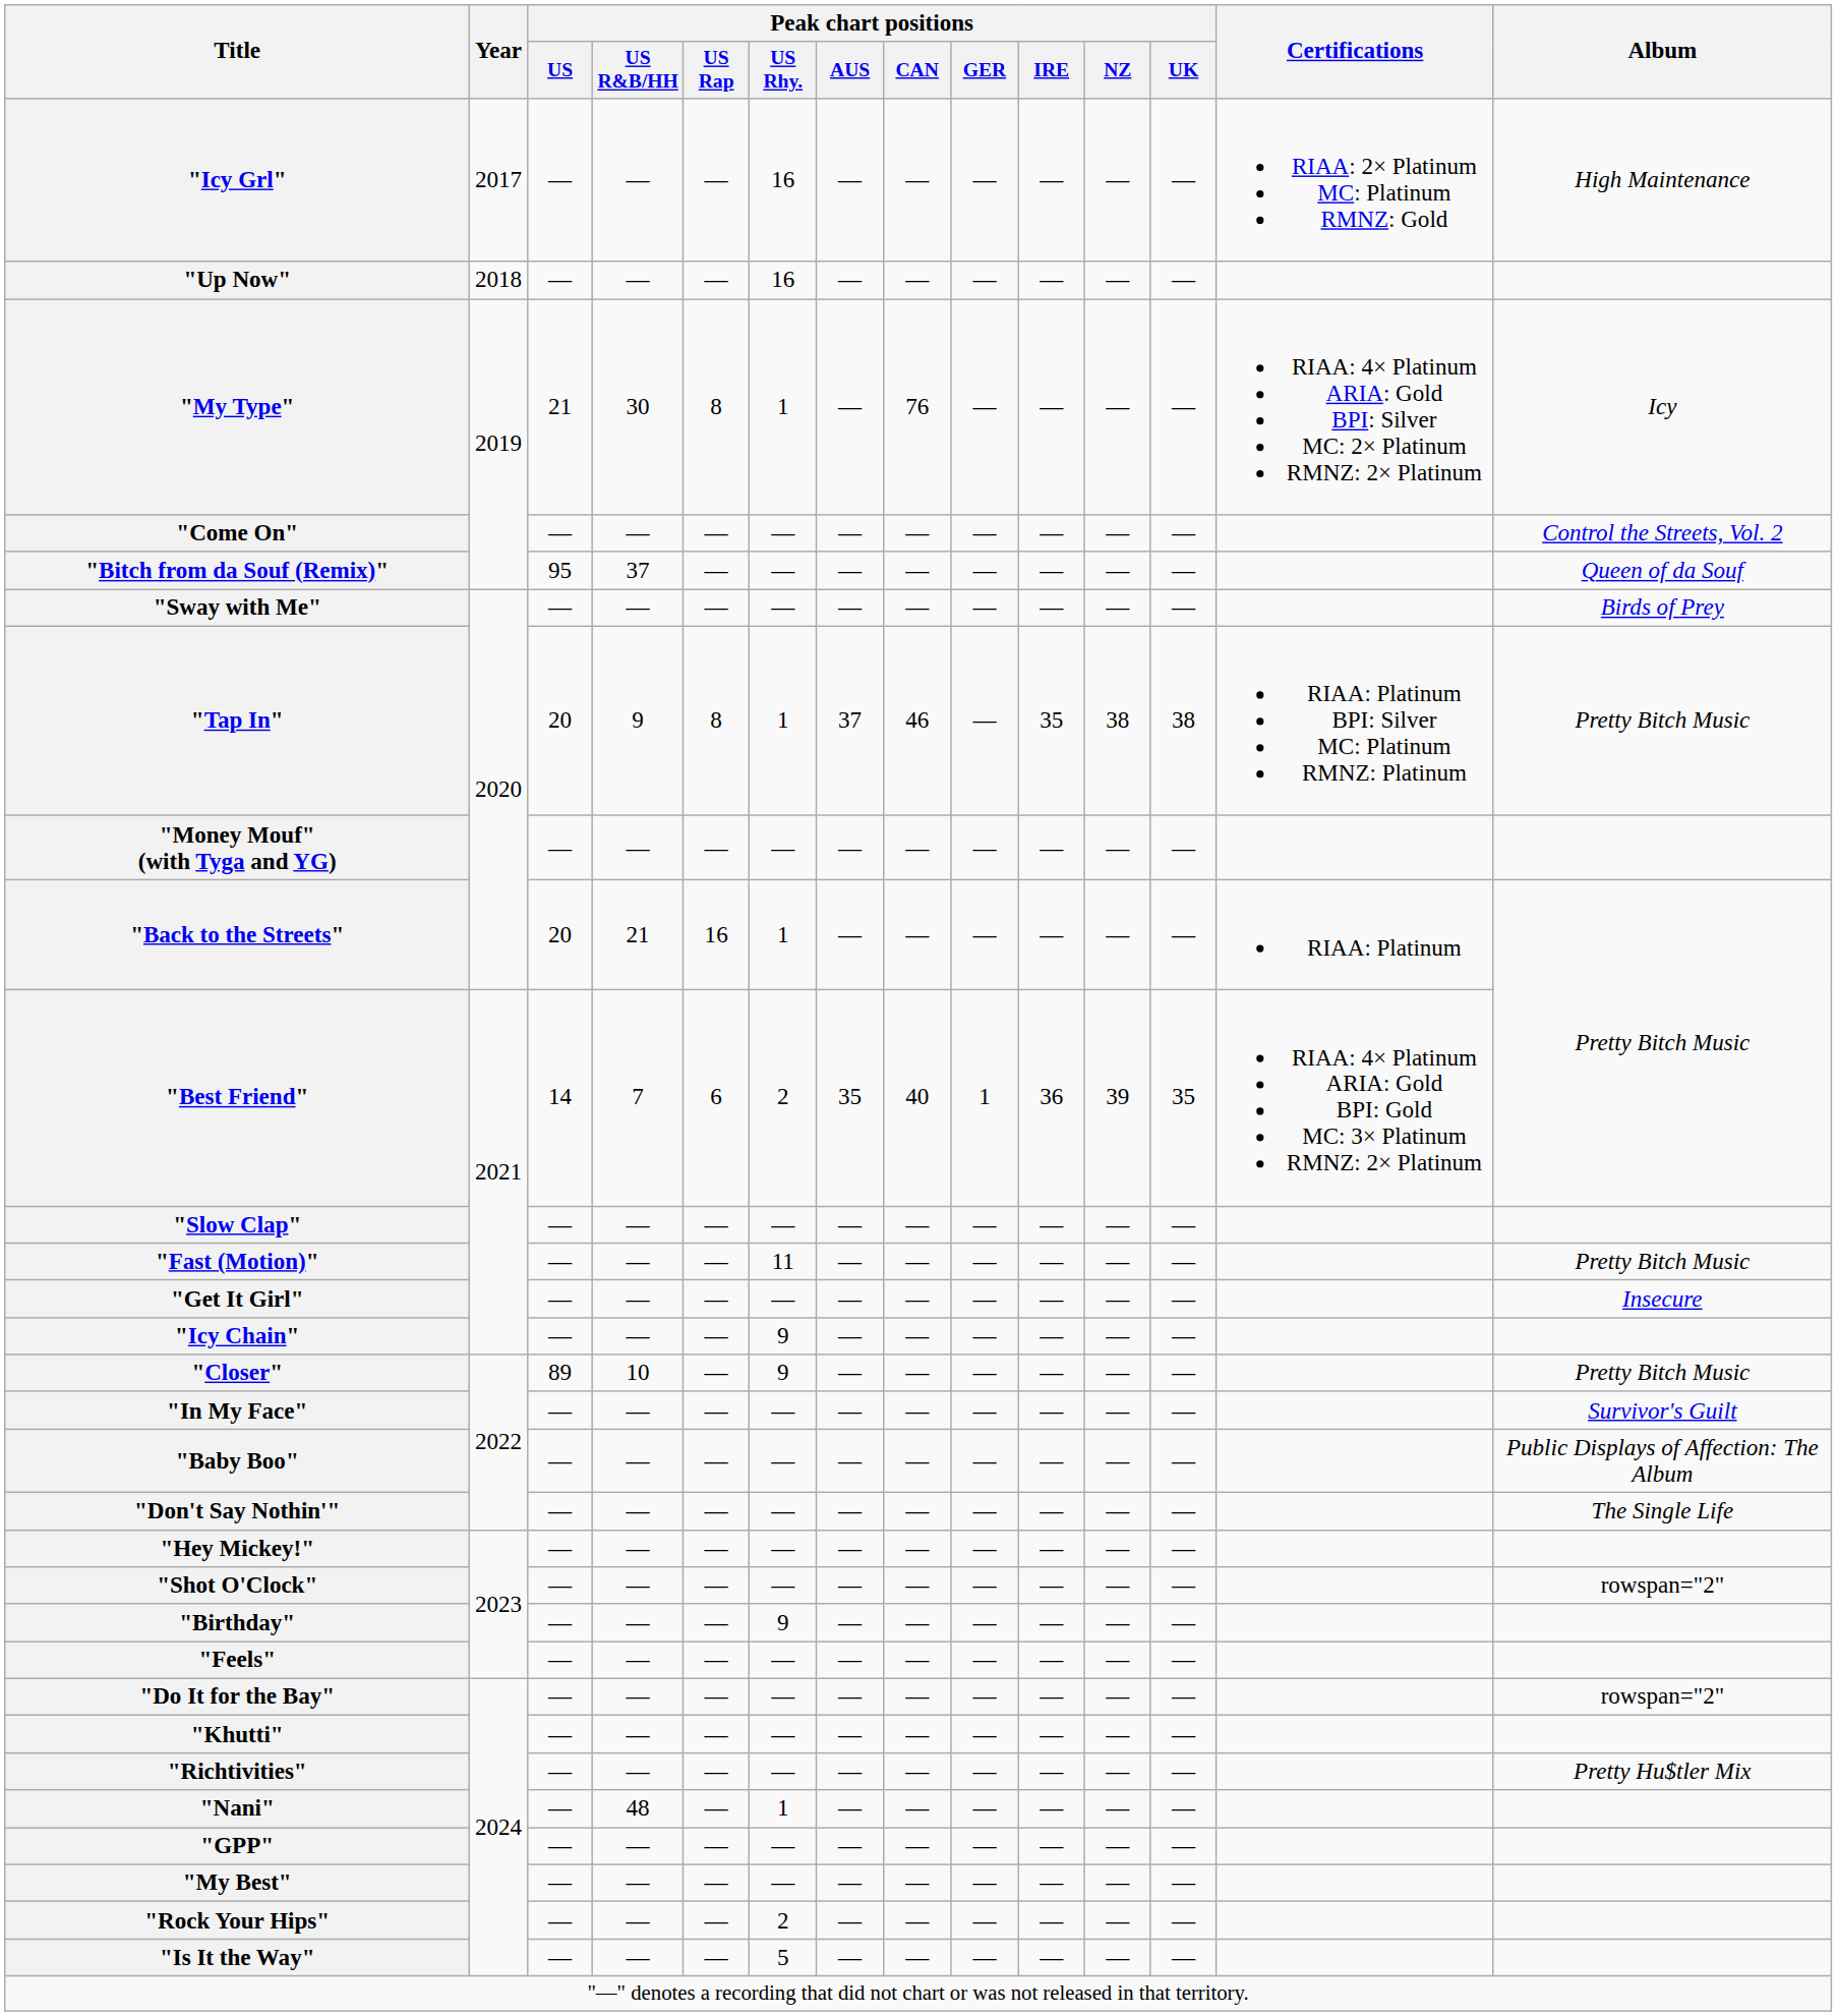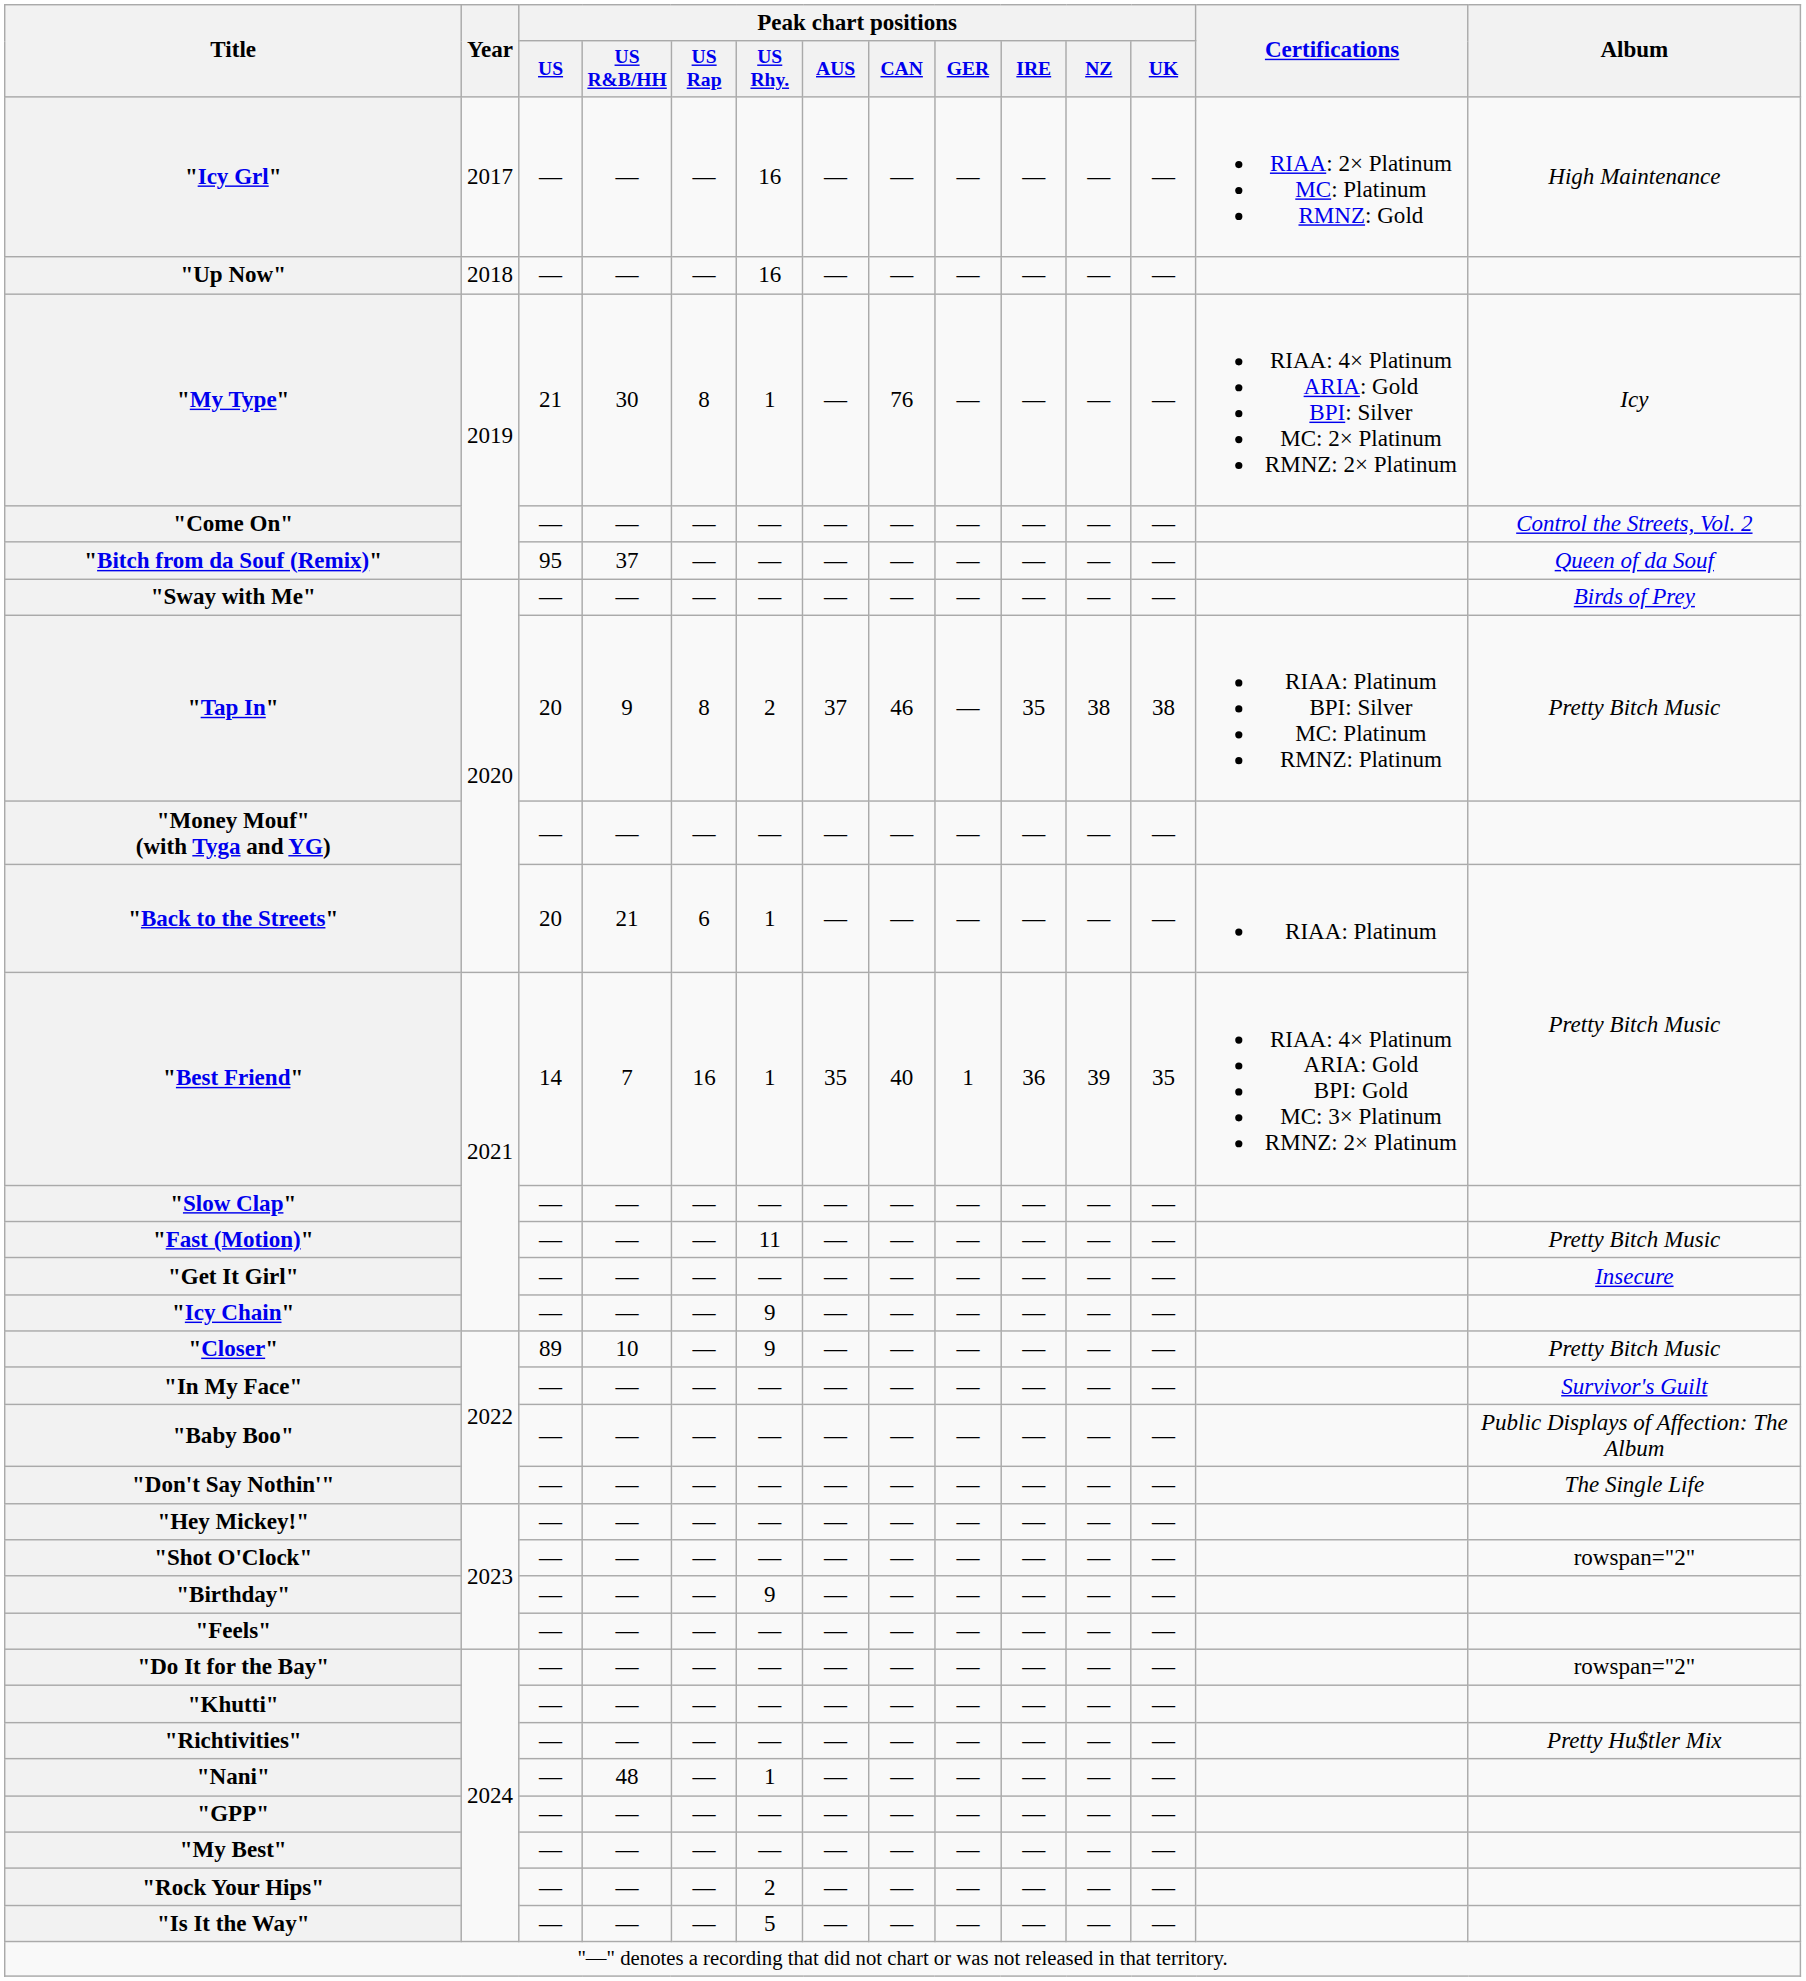 <table class="wikitable plainrowheaders" style="text-align:center">
 <tr>
 <th scope="col" rowspan="2" style="width:21em;">Title</th>
 <th scope="col" rowspan="2" style="width:1em;">Year</th>
 <th scope="col" colspan="10">Peak chart positions</th>
 <th scope="col" rowspan="2" style="width:12em;"><a href='#'>Certifications</a></th>
 <th scope="col" rowspan="2" style="width:15em;">Album</th>
 </tr>
 <tr>
 <th style="width:3em;font-size:85%;"><a href='#'>US</a><br></th>
 <th style="width:3em;font-size:85%;"><a href='#'>US<br>R&B/HH</a><br></th>
 <th style="width:3em;font-size:85%;"><a href='#'>US<br>Rap</a><br></th>
 <th style="width:3em;font-size:85%;"><a href='#'>US<br>Rhy.</a><br></th>
 <th style="width:3em;font-size:85%;"><a href='#'>AUS</a><br></th>
 <th style="width:3em;font-size:85%;"><a href='#'>CAN</a><br></th>
 <th style="width:3em;font-size:85%;"><a href='#'>GER</a><br></th>
 <th style="width:3em;font-size:85%;"><a href='#'>IRE</a><br></th>
 <th style="width:3em;font-size:85%;"><a href='#'>NZ</a><br></th>
 <th style="width:3em;font-size:85%;"><a href='#'>UK</a><br></th>
 </tr>
 <tr>
 <th scope="row">"<a href='#'>Icy Grl</a>"</th>
 <td>2017</td>
 <td>—</td>
 <td>—</td>
 <td>—</td>
 <td>16</td>
 <td>—</td>
 <td>—</td>
 <td>—</td>
 <td>—</td>
 <td>—</td>
 <td>—</td>
 <td><br><ul><li><a href='#'>RIAA</a>: 2× Platinum</li><li><a href='#'>MC</a>: Platinum</li><li><a href='#'>RMNZ</a>: Gold</li></ul></td>
 <td><em>High Maintenance</em></td>
 </tr>
 <tr>
 <th scope="row">"Up Now"<br></th>
 <td>2018</td>
 <td>—</td>
 <td>—</td>
 <td>—</td>
 <td>16</td>
 <td>—</td>
 <td>—</td>
 <td>—</td>
 <td>—</td>
 <td>—</td>
 <td>—</td>
 <td></td>
 <td></td>
 </tr>
 <tr>
 <th scope="row">"<a href='#'>My Type</a>"</th>
 <td rowspan="3">2019</td>
 <td>21</td>
 <td>30</td>
 <td>8</td>
 <td>1</td>
 <td>—</td>
 <td>76</td>
 <td>—</td>
 <td>—</td>
 <td>—</td>
 <td>—</td>
 <td><br><ul><li>RIAA: 4× Platinum</li><li><a href='#'>ARIA</a>: Gold</li><li><a href='#'>BPI</a>: Silver</li><li>MC: 2× Platinum</li><li>RMNZ: 2× Platinum</li></ul></td>
 <td><em>Icy</em></td>
 </tr>
 <tr>
 <th scope="row">"Come On"<br></th>
 <td>—</td>
 <td>—</td>
 <td>—</td>
 <td>—</td>
 <td>—</td>
 <td>—</td>
 <td>—</td>
 <td>—</td>
 <td>—</td>
 <td>—</td>
 <td></td>
 <td><em><a href='#'>Control the Streets, Vol. 2</a></em></td>
 </tr>
 <tr>
 <th scope="row">"<a href='#'>Bitch from da Souf (Remix)</a>"<br></th>
 <td>95</td>
 <td>37</td>
 <td>—</td>
 <td>—</td>
 <td>—</td>
 <td>—</td>
 <td>—</td>
 <td>—</td>
 <td>—</td>
 <td>—</td>
 <td></td>
 <td><em><a href='#'>Queen of da Souf</a></em></td>
 </tr>
 <tr>
 <th scope="row">"Sway with Me"<br></th>
 <td rowspan="4">2020</td>
 <td>—</td>
 <td>—</td>
 <td>—</td>
 <td>—</td>
 <td>—</td>
 <td>—</td>
 <td>—</td>
 <td>—</td>
 <td>—</td>
 <td>—</td>
 <td></td>
 <td><em><a href='#'>Birds of Prey</a></em></td>
 </tr>
 <tr>
 <th scope="row">"<a href='#'>Tap In</a>"</th>
 <td>20</td>
 <td>9</td>
 <td>8</td>
-<td>1</td>
+<td>2</td>
 <td>37</td>
 <td>46</td>
 <td>—</td>
 <td>35</td>
 <td>38</td>
 <td>38</td>
 <td><br><ul><li>RIAA: Platinum</li><li>BPI: Silver</li><li>MC: Platinum</li><li>RMNZ: Platinum</li></ul></td>
 <td><em>Pretty Bitch Music</em></td>
 </tr>
 <tr>
 <th scope="row">"Money Mouf"<br><span>(with <a href='#'>Tyga</a> and <a href='#'>YG</a>)</span></th>
 <td>—</td>
 <td>—</td>
 <td>—</td>
 <td>—</td>
 <td>—</td>
 <td>—</td>
 <td>—</td>
 <td>—</td>
 <td>—</td>
 <td>—</td>
 <td></td>
 <td></td>
 </tr>
 <tr>
 <th scope="row">"<a href='#'>Back to the Streets</a>"<br></th>
 <td>20</td>
 <td>21</td>
-<td>16</td>
+<td>6</td>
 <td>1</td>
 <td>—</td>
 <td>—</td>
 <td>—</td>
 <td>—</td>
 <td>—</td>
 <td>—</td>
 <td><br><ul><li>RIAA: Platinum</li></ul></td>
 <td rowspan="2"><em>Pretty Bitch Music</em></td>
 </tr>
 <tr>
 <th scope="row">"<a href='#'>Best Friend</a>"<br></th>
 <td rowspan="5">2021</td>
 <td>14</td>
 <td>7</td>
-<td>6</td>
-<td>2</td>
+<td>16</td>
+<td>1</td>
 <td>35</td>
 <td>40</td>
 <td>1</td>
 <td>36</td>
 <td>39</td>
 <td>35</td>
 <td><br><ul><li>RIAA: 4× Platinum</li><li>ARIA: Gold</li><li>BPI: Gold</li><li>MC: 3× Platinum</li><li>RMNZ: 2× Platinum</li></ul></td>
 </tr>
 <tr>
 <th scope="row">"<a href='#'>Slow Clap</a>"<br></th>
 <td>—</td>
 <td>—</td>
 <td>—</td>
 <td>—</td>
 <td>—</td>
 <td>—</td>
 <td>—</td>
 <td>—</td>
 <td>—</td>
 <td>—</td>
 <td></td>
 <td></td>
 </tr>
 <tr>
 <th scope="row">"<a href='#'>Fast (Motion)</a>"</th>
 <td>—</td>
 <td>—</td>
 <td>—</td>
 <td>11</td>
 <td>—</td>
 <td>—</td>
 <td>—</td>
 <td>—</td>
 <td>—</td>
 <td>—</td>
 <td></td>
 <td><em>Pretty Bitch Music</em></td>
 </tr>
 <tr>
 <th scope="row">"Get It Girl"</th>
 <td>—</td>
 <td>—</td>
 <td>—</td>
 <td>—</td>
 <td>—</td>
 <td>—</td>
 <td>—</td>
 <td>—</td>
 <td>—</td>
 <td>—</td>
 <td></td>
 <td><em><a href='#'>Insecure</a></em></td>
 </tr>
 <tr>
 <th scope="row">"<a href='#'>Icy Chain</a>"</th>
 <td>—</td>
 <td>—</td>
 <td>—</td>
 <td>9</td>
 <td>—</td>
 <td>—</td>
 <td>—</td>
 <td>—</td>
 <td>—</td>
 <td>—</td>
 <td></td>
 <td></td>
 </tr>
 <tr>
 <th scope="row">"<a href='#'>Closer</a>"<br></th>
 <td rowspan="4">2022</td>
 <td>89<br></td>
 <td>10</td>
 <td>—</td>
 <td>9</td>
 <td>—</td>
 <td>—</td>
 <td>—</td>
 <td>—</td>
 <td>—</td>
 <td>—</td>
 <td></td>
 <td><em>Pretty Bitch Music</em></td>
 </tr>
 <tr>
 <th scope="row">"In My Face"<br></th>
 <td>—</td>
 <td>—</td>
 <td>—</td>
 <td>—</td>
 <td>—</td>
 <td>—</td>
 <td>—</td>
 <td>—</td>
 <td>—</td>
 <td>—</td>
 <td></td>
 <td><em><a href='#'>Survivor's Guilt</a></em></td>
 </tr>
 <tr>
 <th scope="row">"Baby Boo"<br></th>
 <td>—</td>
 <td>—</td>
 <td>—</td>
 <td>—</td>
 <td>—</td>
 <td>—</td>
 <td>—</td>
 <td>—</td>
 <td>—</td>
 <td>—</td>
 <td></td>
 <td><em>Public Displays of Affection: The Album</em></td>
 </tr>
 <tr>
 <th scope="row">"Don't Say Nothin'"</th>
 <td>—</td>
 <td>—</td>
 <td>—</td>
 <td>—</td>
 <td>—</td>
 <td>—</td>
 <td>—</td>
 <td>—</td>
 <td>—</td>
 <td>—</td>
 <td></td>
 <td><em>The Single Life</em></td>
 </tr>
 <tr>
 <th scope="row">"Hey Mickey!"<br></th>
 <td rowspan="4">2023</td>
 <td>—</td>
 <td>—</td>
 <td>—</td>
 <td>—</td>
 <td>—</td>
 <td>—</td>
 <td>—</td>
 <td>—</td>
 <td>—</td>
 <td>—</td>
 <td></td>
 <td></td>
 </tr>
 <tr>
 <th scope="row">"Shot O'Clock"</th>
 <td>—</td>
 <td>—</td>
 <td>—</td>
 <td>—</td>
 <td>—</td>
 <td>—</td>
 <td>—</td>
 <td>—</td>
 <td>—</td>
 <td>—</td>
 <td></td>
 <td>rowspan="2" </td>
 </tr>
 <tr>
 <th scope="row">"Birthday"<br></th>
 <td>—</td>
 <td>—</td>
 <td>—</td>
 <td>9</td>
 <td>—</td>
 <td>—</td>
 <td>—</td>
 <td>—</td>
 <td>—</td>
 <td>—</td>
 <td></td>
 </tr>
 <tr>
 <th scope="row">"Feels"<br></th>
 <td>—</td>
 <td>—</td>
 <td>—</td>
 <td>—</td>
 <td>—</td>
 <td>—</td>
 <td>—</td>
 <td>—</td>
 <td>—</td>
 <td>—</td>
 <td></td>
 <td></td>
 </tr>
 <tr>
 <th scope="row">"Do It for the Bay"<br></th>
 <td rowspan="8">2024</td>
 <td>—</td>
 <td>—</td>
 <td>—</td>
 <td>—</td>
 <td>—</td>
 <td>—</td>
 <td>—</td>
 <td>—</td>
 <td>—</td>
 <td>—</td>
 <td></td>
 <td>rowspan="2" </td>
 </tr>
 <tr>
 <th scope="row">"Khutti"<br></th>
 <td>—</td>
 <td>—</td>
 <td>—</td>
 <td>—</td>
 <td>—</td>
 <td>—</td>
 <td>—</td>
 <td>—</td>
 <td>—</td>
 <td>—</td>
 <td></td>
 </tr>
 <tr>
 <th scope="row">"Richtivities"</th>
 <td>—</td>
 <td>—</td>
 <td>—</td>
 <td>—</td>
 <td>—</td>
 <td>—</td>
 <td>—</td>
 <td>—</td>
 <td>—</td>
 <td>—</td>
 <td></td>
 <td><em>Pretty Hu$tler Mix</em></td>
 </tr>
 <tr>
 <th scope="row">"Nani"</th>
 <td>—</td>
 <td>48</td>
 <td>—</td>
 <td>1</td>
 <td>—</td>
 <td>—</td>
 <td>—</td>
 <td>—</td>
 <td>—</td>
 <td>—</td>
 <td></td>
 <td></td>
 </tr>
 <tr>
 <th scope="row">"GPP"<br></th>
 <td>—</td>
 <td>—</td>
 <td>—</td>
 <td>—</td>
 <td>—</td>
 <td>—</td>
 <td>—</td>
 <td>—</td>
 <td>—</td>
 <td>—</td>
 <td></td>
 <td></td>
 </tr>
 <tr>
 <th scope="row">"My Best"</th>
 <td>—</td>
 <td>—</td>
 <td>—</td>
 <td>—</td>
 <td>—</td>
 <td>—</td>
 <td>—</td>
 <td>—</td>
 <td>—</td>
 <td>—</td>
 <td></td>
 <td></td>
 </tr>
 <tr>
 <th scope="row">"Rock Your Hips"<br></th>
 <td>—</td>
 <td>—</td>
 <td>—</td>
 <td>2</td>
 <td>—</td>
 <td>—</td>
 <td>—</td>
 <td>—</td>
 <td>—</td>
 <td>—</td>
 <td></td>
 <td></td>
 </tr>
 <tr>
 <th scope="row">"Is It the Way"</th>
 <td>—</td>
 <td>—</td>
 <td>—</td>
 <td>5</td>
 <td>—</td>
 <td>—</td>
 <td>—</td>
 <td>—</td>
 <td>—</td>
 <td>—</td>
 <td></td>
 <td></td>
 </tr>
 <tr>
 <td colspan="16" style="font-size:90%">"—" denotes a recording that did not chart or was not released in that territory.</td>
 </tr>
 </table>
